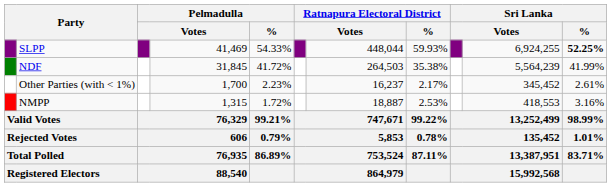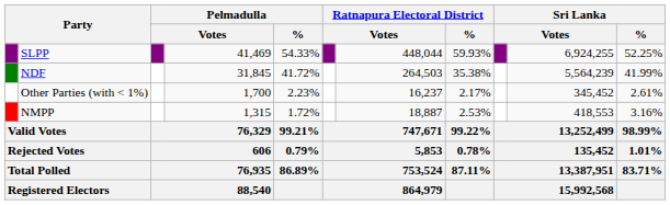 <table class="wikitable">
 <tr>
 <th colspan="2" width="144px"rowspan="2">Party</th>
 <th colspan="3" width="216px">Pelmadulla</th>
 <th colspan="3" width="216px"><a href='#'>Ratnapura Electoral District</a></th>
 <th colspan="3" width="216px">Sri Lanka</th>
 </tr>
 <tr>
 <th colspan="2" width="144px">Votes</th>
 <th>%</th>
 <th colspan="2" width="144px">Votes</th>
 <th>%</th>
 <th colspan="2" width="144px">Votes</th>
 <th>%</th>
 </tr>
 <tr>
 <td style="background-color:purple;" width="10px"></td>
 <td style="text-align:left;"><a href='#'>SLPP</a></td>
 <td style="background-color:purple;" width="10px"></td>
 <td style="text-align:right;">41,469</td>
 <td style="text-align:right;">54.33%</td>
 <td style="background-color:purple;" width="10px"></td>
 <td style="text-align:right;">448,044</td>
 <td style="text-align:right;">59.93%</td>
 <td style="background-color:purple;" width="10px"></td>
 <td style="text-align:right;">6,924,255</td>
-<td style="text-align:right;"><strong>52.25%</strong></td>
+<td style="text-align:right;">52.25%</td>
 </tr>
 <tr>
 <td style="background-color:green;" width="10px"></td>
 <td style="text-align:left;"><a href='#'>NDF</a></td>
 <td style="background-color:white;" width="10px"></td>
 <td style="text-align:right;">31,845</td>
 <td style="text-align:right;">41.72%</td>
 <td style="background-color:white;" width="10px"></td>
 <td style="text-align:right;">264,503</td>
 <td style="text-align:right;">35.38%</td>
 <td style="background-color:white;" width="10px"></td>
 <td style="text-align:right;">5,564,239</td>
 <td style="text-align:right;">41.99%</td>
 </tr>
 <tr>
 <td style="background-color:white;" width="10px"></td>
 <td style="text-align:left;">Other Parties (with < 1%)</td>
 <td style="background-color:white;" width="10px"></td>
 <td style="text-align:right;">1,700</td>
 <td style="text-align:right;">2.23%</td>
 <td style="background-color:white;" width="10px"></td>
 <td style="text-align:right;">16,237</td>
 <td style="text-align:right;">2.17%</td>
 <td style="background-color:white;" width="10px"></td>
 <td style="text-align:right;">345,452</td>
 <td style="text-align:right;">2.61%</td>
 </tr>
 <tr>
 <td style="background-color:red;" width="10px"></td>
 <td style="text-align:left;">NMPP</td>
 <td style="background-color:white;" width="10px"></td>
 <td style="text-align:right;">1,315</td>
 <td style="text-align:right;">1.72%</td>
 <td style="background-color:white;" width="10px"></td>
 <td style="text-align:right;">18,887</td>
 <td style="text-align:right;">2.53%</td>
 <td style="background-color:white;" width="10px"></td>
 <td style="text-align:right;">418,553</td>
 <td style="text-align:right;">3.16%</td>
 </tr>
 <tr>
 <th colspan="2" width="144px"style="text-align:left;">Valid Votes</th>
 <th style="text-align:right;"colspan="2" width="144px">76,329</th>
 <th style="text-align:right;">99.21%</th>
 <th style="text-align:right;"colspan="2" width="144px">747,671</th>
 <th style="text-align:right;">99.22%</th>
 <th style="text-align:right;"colspan="2" width="144px">13,252,499</th>
 <th style="text-align:right;">98.99%</th>
 </tr>
 <tr>
 <th colspan="2" width="144px"style="text-align:left;">Rejected Votes</th>
 <th style="text-align:right;"colspan="2" width="144px">606</th>
 <th style="text-align:right;">0.79%</th>
 <th style="text-align:right;"colspan="2" width="144px">5,853</th>
 <th style="text-align:right;">0.78%</th>
 <th style="text-align:right;"colspan="2" width="144px">135,452</th>
 <th style="text-align:right;">1.01%</th>
 </tr>
 <tr>
 <th colspan="2" width="144px"style="text-align:left;">Total Polled</th>
 <th style="text-align:right;"colspan="2" width="144px">76,935</th>
 <th style="text-align:right;">86.89%</th>
 <th style="text-align:right;"colspan="2" width="144px">753,524</th>
 <th style="text-align:right;">87.11%</th>
 <th style="text-align:right;"colspan="2" width="144px">13,387,951</th>
 <th style="text-align:right;">83.71%</th>
 </tr>
 <tr>
 <th colspan="2" width="144px"style="text-align:left;">Registered Electors</th>
 <th style="text-align:right;"colspan="2" width="144px">88,540</th>
 <th></th>
 <th style="text-align:right;"colspan="2" width="144px">864,979</th>
 <th></th>
 <th style="text-align:right;"colspan="2" width="144px">15,992,568</th>
 <th></th>
 </tr>
 </table>
